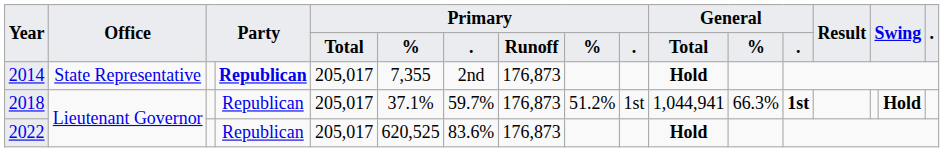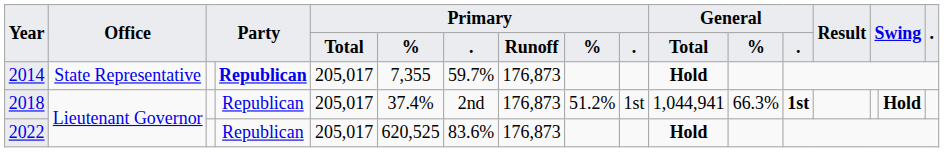 <table class=wikitable style=text-align:center;">
 <tr>
 <th style="background-color:#EAECF0;" rowspan=2>Year</th>
 <th style="background-color:#EAECF0;" rowspan=2>Office</th>
 <th style="background-color:#EAECF0;" colspan=2 rowspan=2>Party</th>
 <th style="background-color:#EAECF0;" colspan=6>Primary</th>
 <th style="background-color:#EAECF0;" colspan=3>General</th>
 <th style="background-color:#EAECF0;" rowspan=2>Result</th>
 <th style="background-color:#EAECF0;" colspan=2 rowspan=2><a href='#'>Swing</a></th>
 <th style="background-color:#EAECF0;" rowspan=2>.</th>
 </tr>
 <tr>
 <th style="background-color:#EAECF0;">Total</th>
 <th style="background-color:#EAECF0;">%</th>
 <th style="background-color:#EAECF0;">.</th>
 <th style="background-color:#EAECF0;">Runoff</th>
 <th style="background-color:#EAECF0;">%</th>
 <th style="background-color:#EAECF0;">.</th>
 <th style="background-color:#EAECF0;">Total</th>
 <th style="background-color:#EAECF0;">%</th>
 <th style="background-color:#EAECF0;">.</th>
 </tr>
 <tr>
 <td style="background-color:#EAECF0;"><a href='#'>2014</a></td>
 <td><a href='#'>State Representative</a></td>
 <td style="background-color:"></td>
 <td><strong><a href='#'>Republican</a></strong></td>
 <td>205,017</td>
 <td>7,355</td>
-<td>2nd</td>
+<td>59.7%</td>
 <td>176,873</td>
 <td></td>
 <td style="background-color:"></td>
 <td><strong>Hold</strong></td>
 <td></td>
 </tr>
 <tr>
 <td style="background-color:#EAECF0;"><a href='#'>2018</a></td>
 <td rowspan=2><a href='#'>Lieutenant Governor</a></td>
 <td style="background-color:"></td>
 <td><a href='#'>Republican</a></td>
 <td>205,017</td>
-<td>37.1%</td>
-<td>59.7%</td>
+<td>37.4%</td>
+<td>2nd</td>
 <td>176,873</td>
 <td>51.2%</td>
 <td>1st</td>
 <td>1,044,941</td>
 <td>66.3%</td>
 <td><strong>1st</strong></td>
 <td></td>
 <td style="background-color:"></td>
 <td><strong>Hold</strong></td>
 <td></td>
 </tr>
 <tr>
 <td style="background-color:#EAECF0;"><a href='#'>2022</a></td>
 <td style="background-color:"></td>
 <td><a href='#'>Republican</a></td>
 <td>205,017</td>
 <td>620,525</td>
 <td>83.6%</td>
 <td>176,873</td>
 <td></td>
 <td style="background-color:"></td>
 <td><strong>Hold</strong></td>
 <td></td>
 </tr>
 </table>
